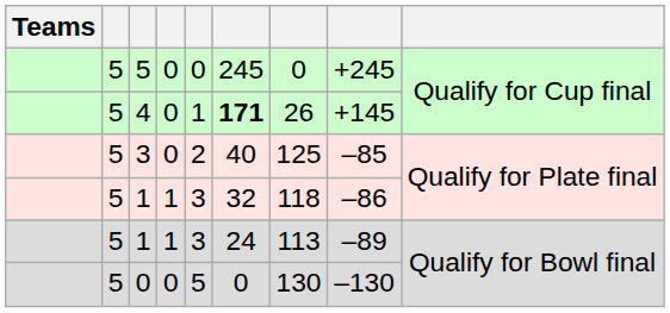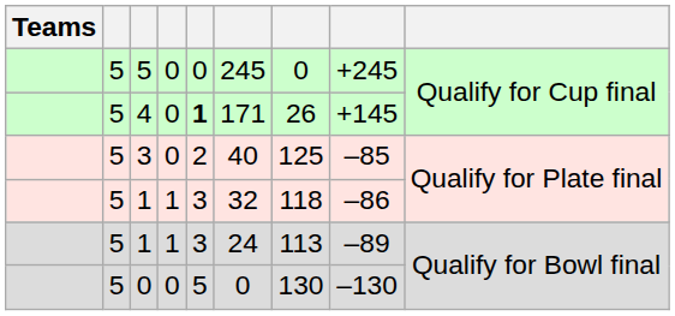 <table class="wikitable" style="text-align: center;">
 <tr>
 <th>Teams</th>
 <th></th>
 <th></th>
 <th></th>
 <th></th>
 <th></th>
 <th></th>
 <th></th>
 <th></th>
 </tr>
 <tr bgcolor="#ccffcc">
 <td align="left"></td>
 <td>5</td>
 <td>5</td>
 <td>0</td>
 <td>0</td>
 <td>245</td>
 <td>0</td>
 <td>+245</td>
 <td rowspan="2">Qualify for Cup final</td>
 </tr>
 <tr bgcolor="#ccffcc">
 <td align="left"></td>
 <td>5</td>
 <td>4</td>
 <td>0</td>
-<td>1</td>
-<td><strong>171</strong></td>
+<td><strong>1</strong></td>
+<td>171</td>
 <td>26</td>
 <td>+145</td>
 </tr>
 <tr bgcolor="FFE4E1">
 <td align="left"></td>
 <td>5</td>
 <td>3</td>
 <td>0</td>
 <td>2</td>
 <td>40</td>
 <td>125</td>
 <td>–85</td>
 <td rowspan="2">Qualify for Plate final</td>
 </tr>
 <tr bgcolor="FFE4E1">
 <td align="left"></td>
 <td>5</td>
 <td>1</td>
 <td>1</td>
 <td>3</td>
 <td>32</td>
 <td>118</td>
 <td>–86</td>
 </tr>
 <tr bgcolor="DCDCDC">
 <td align="left"></td>
 <td>5</td>
 <td>1</td>
 <td>1</td>
 <td>3</td>
 <td>24</td>
 <td>113</td>
 <td>–89</td>
 <td rowspan="2">Qualify for Bowl final</td>
 </tr>
 <tr bgcolor="DCDCDC">
 <td align="left"></td>
 <td>5</td>
 <td>0</td>
 <td>0</td>
 <td>5</td>
 <td>0</td>
 <td>130</td>
 <td>–130</td>
 </tr>
 </table>
